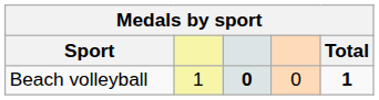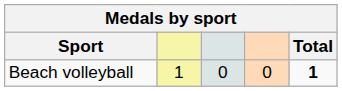 <table class="wikitable" style="font-size:90%; text-align:center;">
 <tr>
 <th colspan="5">Medals by sport</th>
 </tr>
 <tr>
 <th width="120">Sport</th>
 <th scope="col" width="30" style="background:#F7F6A8;"></th>
 <th scope="col" width="30" style="background:#DCE5E5;"></th>
 <th scope="col" width="30" style="background:#FFDAB9;"></th>
 <th width="30">Total</th>
 </tr>
 <tr>
 <td align="left">Beach volleyball</td>
 <td style="background:#F7F6A8;">1</td>
-<td style="background:#DCE5E5;"><strong>0</strong></td>
+<td style="background:#DCE5E5;">0</td>
 <td style="background:#FFDAB9;">0</td>
 <td><strong>1</strong></td>
 </tr>
 </table>
